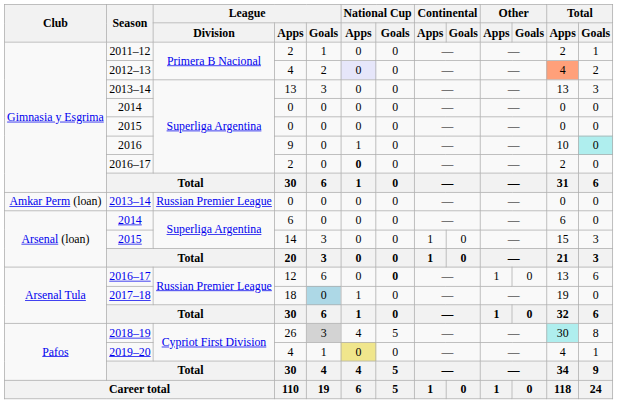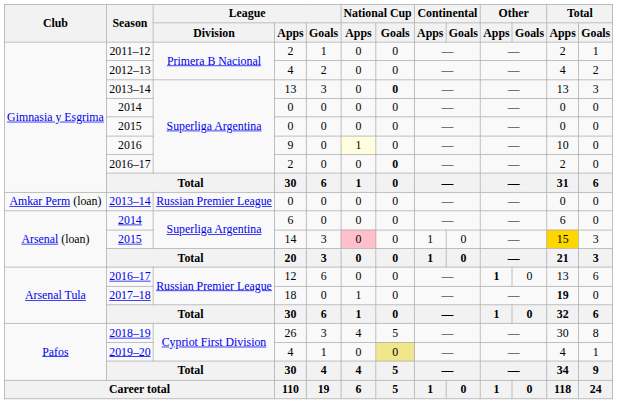 <table class="wikitable" style="text-align: center;">
 <tr>
 <th rowspan="2">Club</th>
 <th rowspan="2">Season</th>
 <th colspan="3">League</th>
 <th colspan="2">National Cup</th>
 <th colspan="2">Continental</th>
 <th colspan="2">Other</th>
 <th colspan="2">Total</th>
 </tr>
 <tr>
 <th>Division</th>
 <th>Apps</th>
 <th>Goals</th>
 <th>Apps</th>
 <th>Goals</th>
 <th>Apps</th>
 <th>Goals</th>
 <th>Apps</th>
 <th>Goals</th>
 <th>Apps</th>
 <th>Goals</th>
 </tr>
 <tr>
 <td rowspan="8" valign="center"><a href='#'>Gimnasia y Esgrima</a></td>
 <td>2011–12</td>
 <td rowspan="2" valign="center"><a href='#'>Primera B Nacional</a></td>
 <td>2</td>
 <td>1</td>
 <td>0</td>
 <td>0</td>
 <td colspan="2">—</td>
 <td colspan="2">—</td>
 <td>2</td>
 <td>1</td>
 </tr>
 <tr>
 <td>2012–13</td>
 <td>4</td>
 <td>2</td>
-<td style="background: lavender;">0</td>
+<td>0</td>
 <td>0</td>
 <td colspan="2">—</td>
 <td colspan="2">—</td>
-<td style="background: lightsalmon;">4</td>
+<td>4</td>
 <td>2</td>
 </tr>
 <tr>
 <td>2013–14</td>
 <td rowspan="5" valign="center"><a href='#'>Superliga Argentina</a></td>
 <td>13</td>
 <td>3</td>
 <td>0</td>
-<td>0</td>
+<td><strong>0</strong></td>
 <td colspan="2">—</td>
 <td colspan="2">—</td>
 <td>13</td>
 <td>3</td>
 </tr>
 <tr>
 <td>2014</td>
 <td>0</td>
 <td>0</td>
 <td>0</td>
 <td>0</td>
 <td colspan="2">—</td>
 <td colspan="2">—</td>
 <td>0</td>
 <td>0</td>
 </tr>
 <tr>
 <td>2015</td>
 <td>0</td>
 <td>0</td>
 <td>0</td>
 <td>0</td>
 <td colspan="2">—</td>
 <td colspan="2">—</td>
 <td>0</td>
 <td>0</td>
 </tr>
 <tr>
 <td>2016</td>
 <td>9</td>
 <td>0</td>
-<td>1</td>
+<td style="background: lightyellow;">1</td>
 <td>0</td>
 <td colspan="2">—</td>
 <td colspan="2">—</td>
 <td>10</td>
-<td style="background: paleturquoise;">0</td>
+<td>0</td>
 </tr>
 <tr>
 <td>2016–17</td>
 <td>2</td>
 <td>0</td>
+<td>0</td>
 <td><strong>0</strong></td>
-<td>0</td>
 <td colspan="2">—</td>
 <td colspan="2">—</td>
 <td>2</td>
 <td>0</td>
 </tr>
 <tr>
 <th colspan="2">Total</th>
 <th>30</th>
 <th>6</th>
 <th>1</th>
 <th>0</th>
 <th colspan="2">—</th>
 <th colspan="2">—</th>
 <th>31</th>
 <th>6</th>
 </tr>
 <tr>
 <td valign="center"><a href='#'>Amkar Perm</a> (loan)</td>
 <td><a href='#'>2013–14</a></td>
 <td><a href='#'>Russian Premier League</a></td>
 <td>0</td>
 <td>0</td>
 <td>0</td>
 <td>0</td>
 <td colspan="2">—</td>
 <td colspan="2">—</td>
 <td>0</td>
 <td>0</td>
 </tr>
 <tr>
 <td rowspan="3" valign="center"><a href='#'>Arsenal</a> (loan)</td>
 <td><a href='#'>2014</a></td>
 <td rowspan="2" valign="center"><a href='#'>Superliga Argentina</a></td>
 <td>6</td>
 <td>0</td>
 <td>0</td>
 <td>0</td>
 <td colspan="2">—</td>
 <td colspan="2">—</td>
 <td>6</td>
 <td>0</td>
 </tr>
 <tr>
 <td><a href='#'>2015</a></td>
 <td>14</td>
 <td>3</td>
-<td>0</td>
+<td style="background: pink;">0</td>
 <td>0</td>
 <td>1</td>
 <td>0</td>
 <td colspan="2">—</td>
-<td>15</td>
+<td style="background: gold;">15</td>
 <td>3</td>
 </tr>
 <tr>
 <th colspan="2">Total</th>
 <th>20</th>
 <th>3</th>
 <th>0</th>
 <th>0</th>
 <th>1</th>
 <th>0</th>
 <th colspan="2">—</th>
 <th>21</th>
 <th>3</th>
 </tr>
 <tr>
 <td rowspan="3" valign="center"><a href='#'>Arsenal Tula</a></td>
 <td><a href='#'>2016–17</a></td>
 <td rowspan="2" valign="center"><a href='#'>Russian Premier League</a></td>
 <td>12</td>
 <td>6</td>
 <td>0</td>
-<td><strong>0</strong></td>
+<td>0</td>
 <td colspan="2">—</td>
-<td>1</td>
+<td><strong>1</strong></td>
 <td>0</td>
 <td>13</td>
 <td>6</td>
 </tr>
 <tr>
 <td><a href='#'>2017–18</a></td>
 <td>18</td>
-<td style="background: lightblue;">0</td>
+<td>0</td>
 <td>1</td>
 <td>0</td>
 <td colspan="2">—</td>
 <td colspan="2">—</td>
-<td>19</td>
+<td><strong>19</strong></td>
 <td>0</td>
 </tr>
 <tr>
 <th colspan="2">Total</th>
 <th>30</th>
 <th>6</th>
 <th>1</th>
 <th>0</th>
 <th colspan="2">—</th>
 <th>1</th>
 <th>0</th>
 <th>32</th>
 <th>6</th>
 </tr>
 <tr>
 <td rowspan="3" valign="center"><a href='#'>Pafos</a></td>
 <td><a href='#'>2018–19</a></td>
 <td rowspan="2" valign="center"><a href='#'>Cypriot First Division</a></td>
 <td>26</td>
-<td style="background: lightgrey;">3</td>
+<td>3</td>
 <td>4</td>
 <td>5</td>
 <td colspan="2">—</td>
 <td colspan="2">—</td>
-<td style="background: paleturquoise;">30</td>
+<td>30</td>
 <td>8</td>
 </tr>
 <tr>
 <td><a href='#'>2019–20</a></td>
 <td>4</td>
 <td>1</td>
+<td>0</td>
 <td style="background: khaki;">0</td>
-<td>0</td>
 <td colspan="2">—</td>
 <td colspan="2">—</td>
 <td>4</td>
 <td>1</td>
 </tr>
 <tr>
 <th colspan="2">Total</th>
 <th>30</th>
 <th>4</th>
 <th>4</th>
 <th>5</th>
 <th colspan="2">—</th>
 <th colspan="2">—</th>
 <th>34</th>
 <th>9</th>
 </tr>
 <tr>
 <th colspan="3">Career total</th>
 <th>110</th>
 <th>19</th>
 <th>6</th>
 <th>5</th>
 <th>1</th>
 <th>0</th>
 <th>1</th>
 <th>0</th>
 <th>118</th>
 <th>24</th>
 </tr>
 </table>
